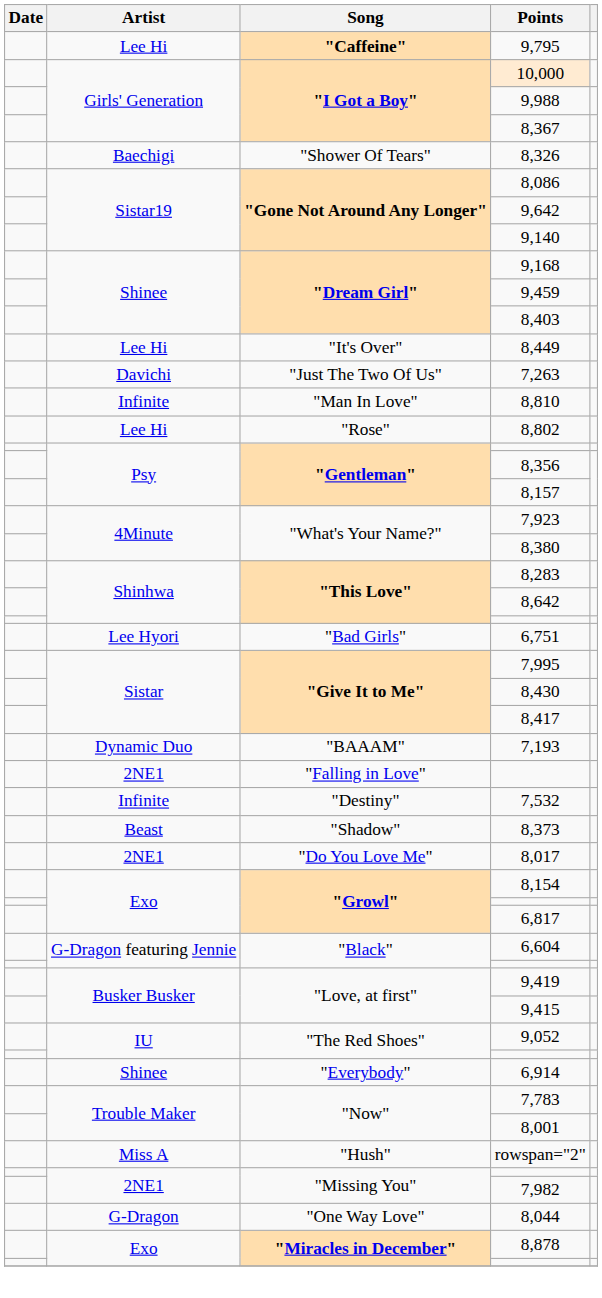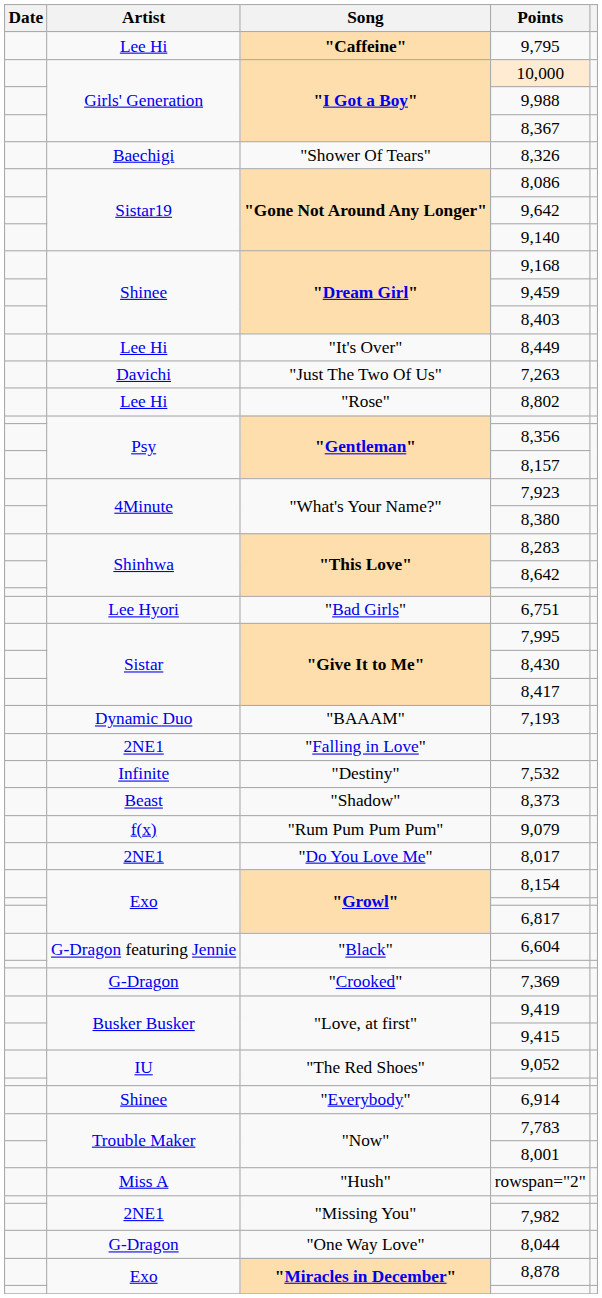 <table class="wikitable sortable" style=text-align:center>
 <tr>
 <th>Date</th>
 <th>Artist</th>
 <th>Song</th>
 <th>Points</th>
 <th class=unsortable></th>
 </tr>
 <tr>
 <td></td>
 <td><a href='#'>Lee Hi</a></td>
 <td style="font-weight: bold; background: navajowhite;">"Caffeine"</td>
 <td>9,795</td>
 <td></td>
 </tr>
 <tr>
 <td></td>
 <td rowspan="3"><a href='#'>Girls' Generation</a></td>
 <td style="font-weight: bold; background:navajowhite;" rowspan="3">"<a href='#'>I Got a Boy</a>"</td>
 <td style="background:#ffebd2;">10,000</td>
 <td></td>
 </tr>
 <tr>
 <td></td>
 <td>9,988</td>
 <td></td>
 </tr>
 <tr>
 <td></td>
 <td>8,367</td>
 <td></td>
 </tr>
 <tr>
 <td></td>
 <td><a href='#'>Baechigi</a></td>
 <td>"Shower Of Tears"</td>
 <td>8,326</td>
 <td></td>
 </tr>
 <tr>
 <td></td>
 <td rowspan="3"><a href='#'>Sistar19</a></td>
 <td style="font-weight: bold; background:navajowhite;" rowspan="3">"Gone Not Around Any Longer"</td>
 <td>8,086</td>
 <td></td>
 </tr>
 <tr>
 <td></td>
 <td>9,642</td>
 <td></td>
 </tr>
 <tr>
 <td></td>
 <td>9,140</td>
 <td></td>
 </tr>
 <tr>
 <td></td>
 <td rowspan="3"><a href='#'>Shinee</a></td>
 <td style="font-weight: bold; background:navajowhite;" rowspan="3">"<a href='#'>Dream Girl</a>"</td>
 <td>9,168</td>
 <td></td>
 </tr>
 <tr>
 <td></td>
 <td>9,459</td>
 <td></td>
 </tr>
 <tr>
 <td></td>
 <td>8,403</td>
 <td></td>
 </tr>
 <tr>
 <td></td>
 <td><a href='#'>Lee Hi</a></td>
 <td>"It's Over"</td>
 <td>8,449</td>
 <td></td>
 </tr>
 <tr>
 <td></td>
 <td><a href='#'>Davichi</a></td>
 <td>"Just The Two Of Us"</td>
 <td>7,263</td>
-<td></td>
-</tr>
-<tr>
-<td></td>
-<td><a href='#'>Infinite</a></td>
-<td>"Man In Love"</td>
-<td>8,810</td>
 <td></td>
 </tr>
 <tr>
 <td></td>
 <td><a href='#'>Lee Hi</a></td>
 <td>"Rose"</td>
 <td>8,802</td>
 <td></td>
 </tr>
 <tr>
 <td></td>
 <td rowspan="3"><a href='#'>Psy</a></td>
 <td style="font-weight: bold; background:navajowhite;" rowspan="3">"<a href='#'>Gentleman</a>"</td>
 <td></td>
 <td></td>
 </tr>
 <tr>
 <td></td>
 <td>8,356</td>
 <td rowspan="2"></td>
 </tr>
 <tr>
 <td></td>
 <td>8,157</td>
 </tr>
 <tr>
 <td></td>
 <td rowspan="2"><a href='#'>4Minute</a></td>
 <td rowspan="2">"What's Your Name?"</td>
 <td>7,923</td>
 <td></td>
 </tr>
 <tr>
 <td></td>
 <td>8,380</td>
 <td></td>
 </tr>
 <tr>
 <td></td>
 <td rowspan="3"><a href='#'>Shinhwa</a></td>
 <td style="font-weight: bold; background:navajowhite;" rowspan="3">"This Love"</td>
 <td>8,283</td>
 <td></td>
 </tr>
 <tr>
 <td></td>
 <td>8,642</td>
 <td></td>
 </tr>
 <tr>
 <td></td>
 <td></td>
 <td></td>
 </tr>
 <tr>
 <td></td>
 <td><a href='#'>Lee Hyori</a></td>
 <td>"<a href='#'>Bad Girls</a>"</td>
 <td>6,751</td>
 <td></td>
 </tr>
 <tr>
 <td></td>
 <td rowspan="3"><a href='#'>Sistar</a></td>
 <td style="font-weight: bold; background:navajowhite;" rowspan="3">"Give It to Me"</td>
 <td>7,995</td>
 <td></td>
 </tr>
 <tr>
 <td></td>
 <td>8,430</td>
 <td></td>
 </tr>
 <tr>
 <td></td>
 <td>8,417</td>
 <td></td>
 </tr>
 <tr>
 <td></td>
 <td><a href='#'>Dynamic Duo</a></td>
 <td>"BAAAM"</td>
 <td>7,193</td>
 <td></td>
 </tr>
 <tr>
 <td></td>
 <td><a href='#'>2NE1</a></td>
 <td>"<a href='#'>Falling in Love</a>"</td>
 <td></td>
 <td></td>
 </tr>
 <tr>
 <td></td>
 <td><a href='#'>Infinite</a></td>
 <td>"Destiny"</td>
 <td>7,532</td>
 <td></td>
 </tr>
 <tr>
 <td></td>
 <td><a href='#'>Beast</a></td>
 <td>"Shadow"</td>
 <td>8,373</td>
 <td></td>
 </tr>
 <tr>
 <td></td>
+<td><a href='#'>f(x)</a></td>
+<td>"Rum Pum Pum Pum"</td>
+<td>9,079</td>
+<td></td>
+</tr>
+<tr>
+<td></td>
 <td><a href='#'>2NE1</a></td>
 <td>"<a href='#'>Do You Love Me</a>"</td>
 <td>8,017</td>
 <td></td>
 </tr>
 <tr>
 <td></td>
 <td rowspan="3"><a href='#'>Exo</a></td>
 <td style="font-weight: bold; background:navajowhite;" rowspan="3">"<a href='#'>Growl</a>"</td>
 <td>8,154</td>
 <td></td>
 </tr>
 <tr>
 <td></td>
 <td></td>
 <td></td>
 </tr>
 <tr>
 <td></td>
 <td>6,817</td>
 <td></td>
 </tr>
 <tr>
 <td></td>
 <td rowspan="2"><a href='#'>G-Dragon</a> featuring <a href='#'>Jennie</a></td>
 <td rowspan="2">"<a href='#'>Black</a>"</td>
 <td>6,604</td>
 <td></td>
 </tr>
 <tr>
 <td></td>
 <td></td>
+<td></td>
+</tr>
+<tr>
+<td></td>
+<td><a href='#'>G-Dragon</a></td>
+<td>"<a href='#'>Crooked</a>"</td>
+<td>7,369</td>
 <td></td>
 </tr>
 <tr>
 <td></td>
 <td rowspan="2"><a href='#'>Busker Busker</a></td>
 <td rowspan="2">"Love, at first"</td>
 <td>9,419</td>
 <td></td>
 </tr>
 <tr>
 <td></td>
 <td>9,415</td>
 <td></td>
 </tr>
 <tr>
 <td></td>
 <td rowspan="2"><a href='#'>IU</a></td>
 <td rowspan="2">"The Red Shoes"</td>
 <td>9,052</td>
 <td></td>
 </tr>
 <tr>
 <td></td>
 <td></td>
 <td></td>
 </tr>
 <tr>
 <td></td>
 <td><a href='#'>Shinee</a></td>
 <td>"<a href='#'>Everybody</a>"</td>
 <td>6,914</td>
 <td></td>
 </tr>
 <tr>
 <td></td>
 <td rowspan="2"><a href='#'>Trouble Maker</a></td>
 <td rowspan="2">"Now"</td>
 <td>7,783</td>
 <td></td>
 </tr>
 <tr>
 <td></td>
 <td>8,001</td>
 <td></td>
 </tr>
 <tr>
 <td></td>
 <td><a href='#'>Miss A</a></td>
 <td>"Hush"</td>
 <td>rowspan="2" </td>
 <td></td>
 </tr>
 <tr>
 <td></td>
 <td rowspan="2"><a href='#'>2NE1</a></td>
 <td rowspan="2">"Missing You"</td>
 <td></td>
 </tr>
 <tr>
 <td></td>
 <td>7,982</td>
 <td></td>
 </tr>
 <tr>
 <td></td>
 <td><a href='#'>G-Dragon</a></td>
 <td>"One Way Love"</td>
 <td>8,044</td>
 <td></td>
 </tr>
 <tr>
 <td></td>
 <td rowspan="2"><a href='#'>Exo</a></td>
 <td style="font-weight: bold; background:navajowhite;" rowspan="2">"<a href='#'>Miracles in December</a>"</td>
 <td>8,878</td>
 <td></td>
 </tr>
 <tr>
 <td></td>
 <td></td>
 <td></td>
 </tr>
 <tr>
 </tr>
 </table>
